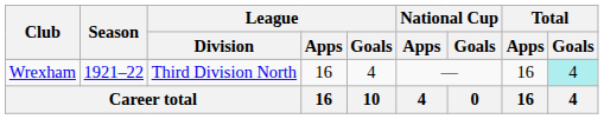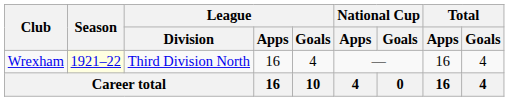 <table class="wikitable" style="text-align:center">
 <tr>
 <th rowspan="2">Club</th>
 <th rowspan="2">Season</th>
 <th colspan="3">League</th>
 <th colspan="2">National Cup</th>
 <th colspan="2">Total</th>
 </tr>
 <tr>
 <th>Division</th>
 <th>Apps</th>
 <th>Goals</th>
 <th>Apps</th>
 <th>Goals</th>
 <th>Apps</th>
 <th>Goals</th>
 </tr>
 <tr>
 <td><a href='#'>Wrexham</a></td>
-<td><a href='#'>1921–22</a></td>
+<td style="background: lightyellow;"><a href='#'>1921–22</a></td>
 <td><a href='#'>Third Division North</a></td>
 <td>16</td>
 <td>4</td>
 <td colspan="2">―</td>
 <td>16</td>
-<td style="background: paleturquoise;">4</td>
+<td>4</td>
 </tr>
 <tr>
 <th colspan="3">Career total</th>
 <th>16</th>
 <th>10</th>
 <th>4</th>
 <th>0</th>
 <th>16</th>
 <th>4</th>
 </tr>
 </table>
